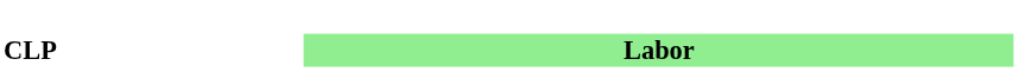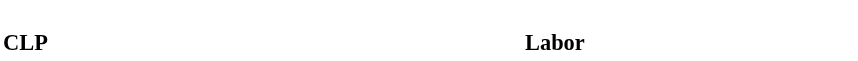 <table style="width:60%; text-align:center;">
 <tr style="color:white;">
 <td style="background:"><strong>19</strong></td>
 <td style="background:"><strong>6</strong></td>
 </tr>
 <tr>
 <td><span><strong>CLP</strong></span></td>
-<td style="background: lightgreen;"><span><strong>Labor</strong></span></td>
+<td><span><strong>Labor</strong></span></td>
 </tr>
 </table>
